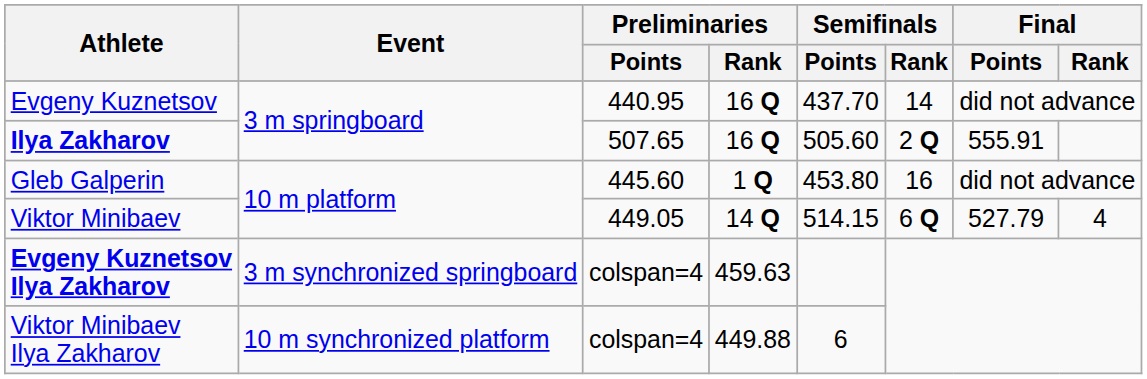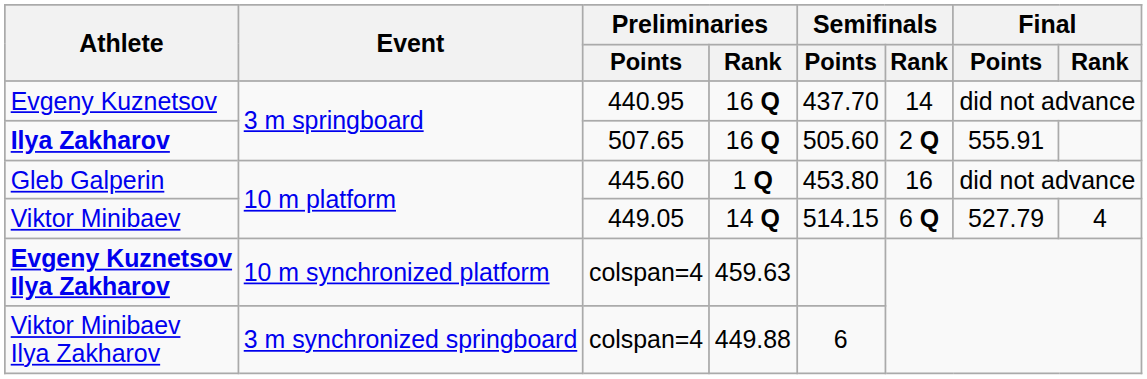 <table class="wikitable" style="font-size:90%">
 <tr>
 <th rowspan="2">Athlete</th>
 <th rowspan="2">Event</th>
 <th colspan=2>Preliminaries</th>
 <th colspan=2>Semifinals</th>
 <th colspan=2>Final</th>
 </tr>
 <tr style="font-size:95%">
 <th>Points</th>
 <th>Rank</th>
 <th>Points</th>
 <th>Rank</th>
 <th>Points</th>
 <th>Rank</th>
 </tr>
 <tr align=center>
 <td align=left><a href='#'>Evgeny Kuznetsov</a></td>
 <td align=left rowspan=2><a href='#'>3 m springboard</a></td>
 <td>440.95</td>
 <td>16 <strong>Q</strong></td>
 <td>437.70</td>
 <td>14</td>
 <td colspan=2>did not advance</td>
 </tr>
 <tr align=center>
 <td align=left><strong><a href='#'>Ilya Zakharov</a></strong></td>
 <td>507.65</td>
 <td>16 <strong>Q</strong></td>
 <td>505.60</td>
 <td>2 <strong>Q</strong></td>
 <td>555.91</td>
 <td></td>
 </tr>
 <tr align=center>
 <td align=left><a href='#'>Gleb Galperin</a></td>
 <td align=left rowspan=2><a href='#'>10 m platform</a></td>
 <td>445.60</td>
 <td>1 <strong>Q</strong></td>
 <td>453.80</td>
 <td>16</td>
 <td colspan=2>did not advance</td>
 </tr>
 <tr align=center>
 <td align=left><a href='#'>Viktor Minibaev</a></td>
 <td>449.05</td>
 <td>14 <strong>Q</strong></td>
 <td>514.15</td>
 <td>6 <strong>Q</strong></td>
 <td>527.79</td>
 <td>4</td>
 </tr>
 <tr align=center>
 <td align=left><strong><a href='#'>Evgeny Kuznetsov</a><br><a href='#'>Ilya Zakharov</a></strong></td>
-<td align=left><a href='#'>3 m synchronized springboard</a></td>
+<td align=left><a href='#'>10 m synchronized platform</a></td>
 <td>colspan=4 </td>
 <td>459.63</td>
 <td></td>
 </tr>
 <tr align=center>
 <td align=left><a href='#'>Viktor Minibaev</a><br><a href='#'>Ilya Zakharov</a></td>
-<td align=left><a href='#'>10 m synchronized platform</a></td>
+<td align=left><a href='#'>3 m synchronized springboard</a></td>
 <td>colspan=4 </td>
 <td>449.88</td>
 <td>6</td>
 </tr>
 </table>
